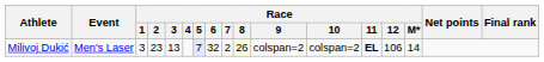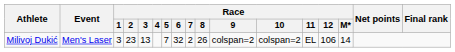 <table class="wikitable" style="font-size:90%">
 <tr>
 <th rowspan=2>Athlete</th>
 <th rowspan="2">Event</th>
 <th colspan=13>Race</th>
 <th rowspan=2>Net points</th>
 <th rowspan=2>Final rank</th>
 </tr>
 <tr style="font-size:95%">
 <th>1</th>
 <th>2</th>
 <th>3</th>
 <th>4</th>
 <th>5</th>
 <th>6</th>
 <th>7</th>
 <th>8</th>
 <th>9</th>
 <th>10</th>
 <th>11</th>
 <th>12</th>
 <th>M*</th>
 </tr>
 <tr align=center>
 <td align=left><a href='#'>Milivoj Dukić</a></td>
 <td align=left><a href='#'>Men's Laser</a></td>
 <td>3</td>
 <td>23</td>
 <td>13</td>
 <td></td>
-<td style="background: lavender;">7</td>
+<td>7</td>
 <td>32</td>
 <td>2</td>
-<td style="background: lightyellow;">26</td>
+<td>26</td>
 <td>colspan=2 </td>
 <td>colspan=2 </td>
-<td><strong>EL</strong></td>
+<td>EL</td>
 <td>106</td>
 <td>14</td>
 </tr>
 </table>
